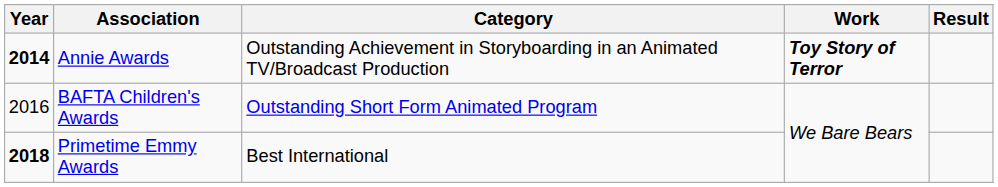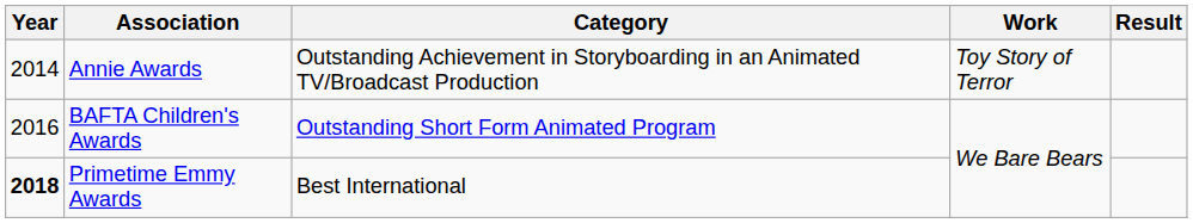 <table class="wikitable">
 <tr>
 <th>Year</th>
 <th>Association</th>
 <th>Category</th>
 <th>Work</th>
 <th>Result</th>
 </tr>
 <tr>
-<td><strong>2014</strong></td>
+<td>2014</td>
 <td><a href='#'>Annie Awards</a></td>
 <td>Outstanding Achievement in Storyboarding in an Animated TV/Broadcast Production</td>
-<td><strong><em>Toy Story of Terror</em></strong></td>
+<td><em>Toy Story of Terror</em></td>
 <td></td>
 </tr>
 <tr>
 <td>2016</td>
 <td><a href='#'>BAFTA Children's Awards</a></td>
 <td><a href='#'>Outstanding Short Form Animated Program</a></td>
 <td rowspan="2"><em>We Bare Bears</em></td>
 <td></td>
 </tr>
 <tr>
 <td><strong>2018</strong></td>
 <td><a href='#'>Primetime Emmy Awards</a></td>
 <td>Best International</td>
 <td></td>
 </tr>
 </table>
